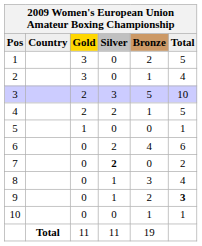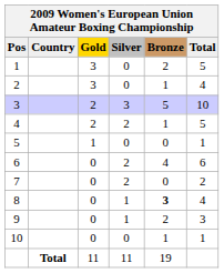 <table class="wikitable">
 <tr>
 <th colspan=7 style="border-right:0px;";><strong>2009 Women's European Union<br>Amateur Boxing Championship</strong></th>
 </tr>
 <tr bgcolor="#efefef">
 <td><strong>Pos</strong></td>
 <td><strong>Country</strong></td>
 <td bgcolor="gold"><strong>Gold</strong></td>
 <td bgcolor="silver"><strong>Silver</strong></td>
 <td bgcolor="CC9966"><strong>Bronze</strong></td>
 <td><strong>Total</strong></td>
 </tr>
 <tr bgcolor="#FFFFFF" align="center">
 <td>1</td>
 <td align="left"></td>
 <td>3</td>
 <td>0</td>
 <td>2</td>
 <td>5</td>
 </tr>
 <tr bgcolor="#FFFFFF" align="center">
 <td>2</td>
 <td align="left"></td>
 <td>3</td>
 <td>0</td>
 <td>1</td>
 <td>4</td>
 </tr>
 <tr bgcolor="#CCCCFF" align="center">
 <td>3</td>
 <td align="left"></td>
 <td>2</td>
 <td>3</td>
 <td>5</td>
 <td>10</td>
 </tr>
 <tr bgcolor="#FFFFFF" align="center">
 <td>4</td>
 <td align="left"></td>
 <td>2</td>
 <td>2</td>
 <td>1</td>
 <td>5</td>
 </tr>
 <tr bgcolor="#FFFFFF" align="center">
 <td>5</td>
 <td align="left"></td>
 <td>1</td>
 <td>0</td>
 <td>0</td>
 <td>1</td>
 </tr>
 <tr bgcolor="#FFFFFF" align="center">
 <td>6</td>
 <td align="left"></td>
 <td>0</td>
 <td>2</td>
 <td>4</td>
 <td>6</td>
 </tr>
 <tr bgcolor="#FFFFFF" align="center">
 <td>7</td>
 <td align="left"></td>
 <td>0</td>
-<td><strong>2</strong></td>
+<td>2</td>
 <td>0</td>
 <td>2</td>
 </tr>
 <tr bgcolor="#FFFFFF" align="center">
 <td>8</td>
 <td align="left"></td>
 <td>0</td>
 <td>1</td>
-<td>3</td>
+<td><strong>3</strong></td>
 <td>4</td>
 </tr>
 <tr bgcolor="#FFFFFF" align="center">
 <td>9</td>
 <td align="left"></td>
 <td>0</td>
 <td>1</td>
 <td>2</td>
-<td><strong>3</strong></td>
+<td>3</td>
 </tr>
 <tr bgcolor="#FFFFFF" align="center">
 <td>10</td>
 <td align="left"></td>
 <td>0</td>
 <td>0</td>
 <td>1</td>
 <td>1</td>
 </tr>
 <tr bgcolor="#FFFFFF" align="center">
 <td></td>
 <td align="center"><strong>Total</strong></td>
 <td>11</td>
 <td>11</td>
 <td>19</td>
 <td></td>
 </tr>
 </table>
